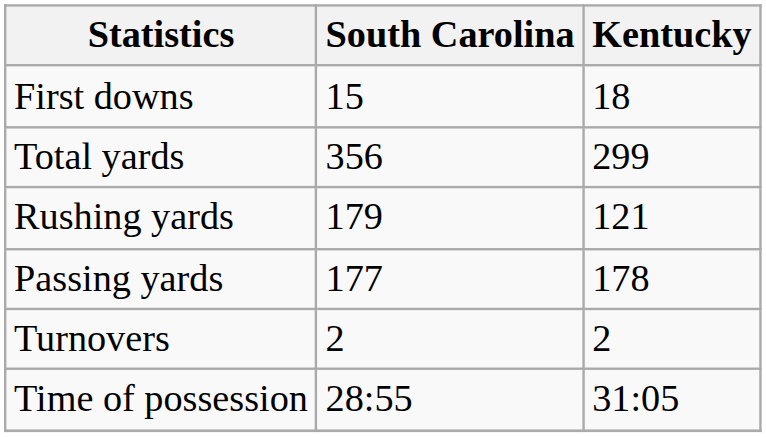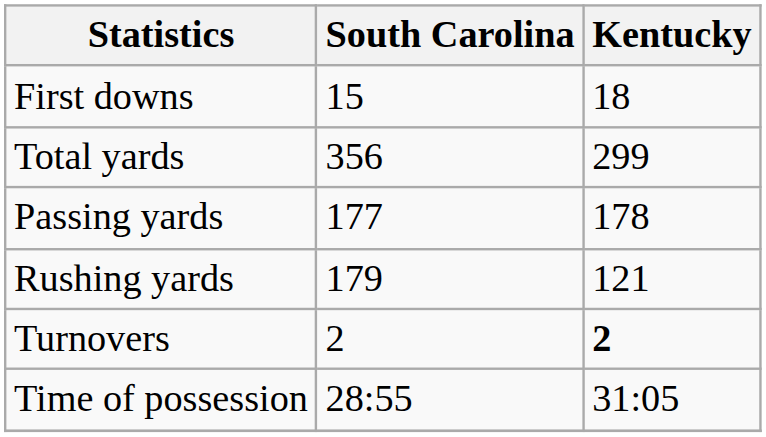 <table class="wikitable" style="float: left;">
 <tr>
 <th>Statistics</th>
 <th>South Carolina</th>
 <th>Kentucky</th>
 </tr>
 <tr>
 <td>First downs</td>
 <td>15</td>
 <td>18</td>
 </tr>
 <tr>
 <td>Total yards</td>
 <td>356</td>
 <td>299</td>
 </tr>
 <tr>
+<td>Passing yards</td>
+<td>177</td>
+<td>178</td>
+</tr>
+<tr>
 <td>Rushing yards</td>
 <td>179</td>
 <td>121</td>
 </tr>
 <tr>
-<td>Passing yards</td>
-<td>177</td>
-<td>178</td>
-</tr>
-<tr>
 <td>Turnovers</td>
 <td>2</td>
-<td>2</td>
+<td><strong>2</strong></td>
 </tr>
 <tr>
 <td>Time of possession</td>
 <td>28:55</td>
 <td>31:05</td>
 </tr>
 <tr>
 </tr>
 </table>
